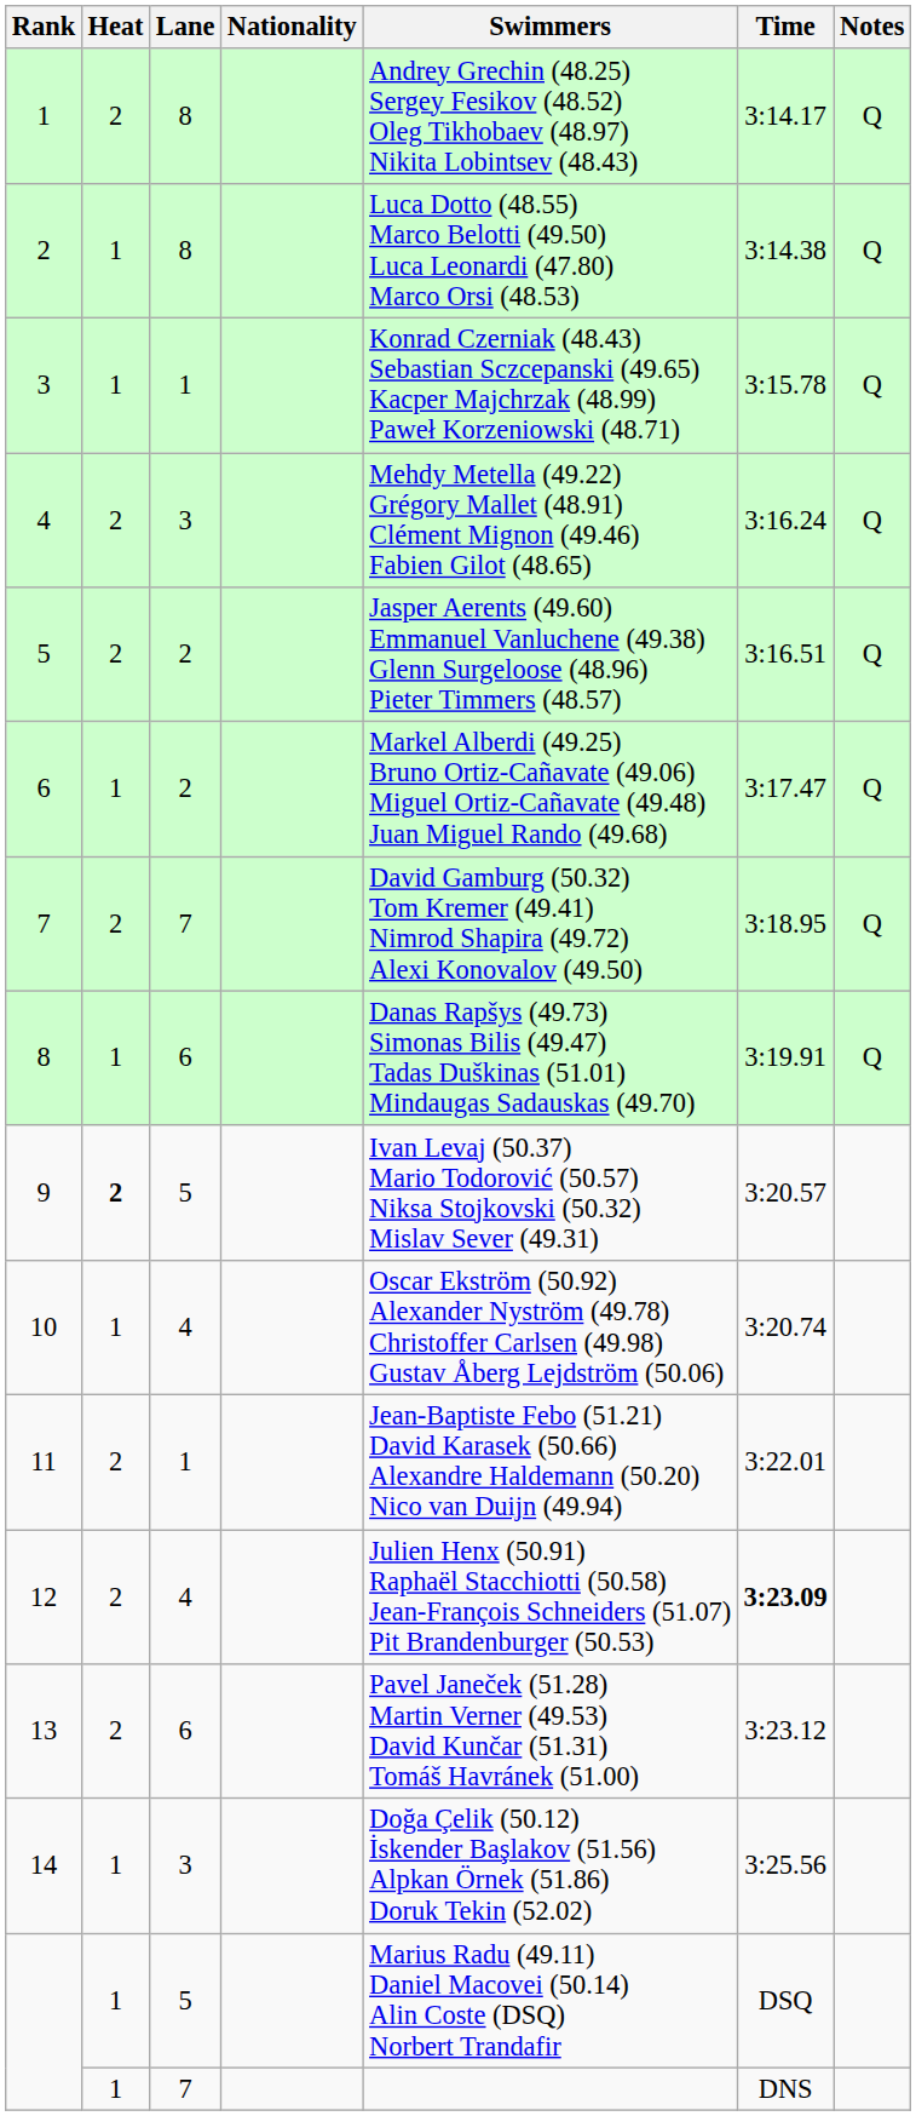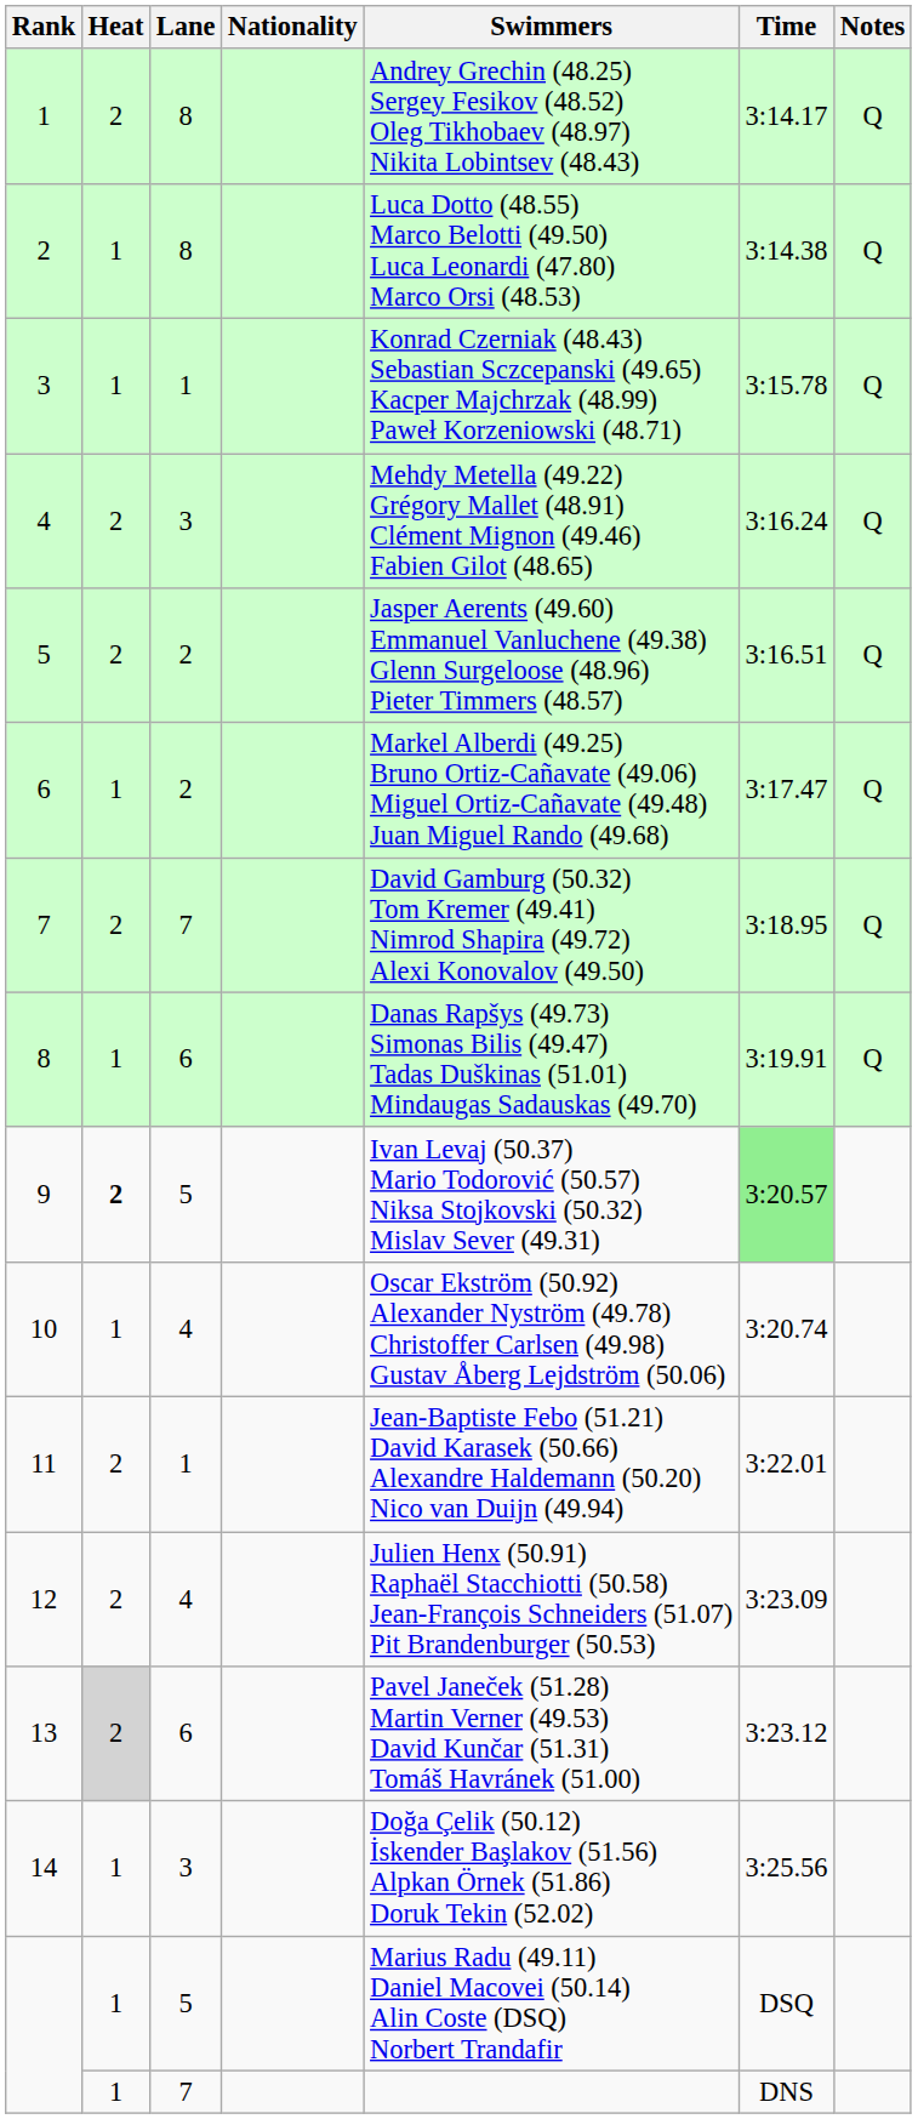 <table class="wikitable sortable" style="text-align:center">
 <tr>
 <th>Rank</th>
 <th>Heat</th>
 <th>Lane</th>
 <th>Nationality</th>
 <th>Swimmers</th>
 <th>Time</th>
 <th>Notes</th>
 </tr>
 <tr bgcolor=ccffcc>
 <td>1</td>
 <td>2</td>
 <td>8</td>
 <td align=left></td>
 <td align=left><a href='#'>Andrey Grechin</a> (48.25)<br><a href='#'>Sergey Fesikov</a> (48.52)<br><a href='#'>Oleg Tikhobaev</a> (48.97)<br><a href='#'>Nikita Lobintsev</a> (48.43)</td>
 <td>3:14.17</td>
 <td>Q</td>
 </tr>
 <tr bgcolor=ccffcc>
 <td>2</td>
 <td>1</td>
 <td>8</td>
 <td align=left></td>
 <td align=left><a href='#'>Luca Dotto</a> (48.55)<br><a href='#'>Marco Belotti</a> (49.50)<br><a href='#'>Luca Leonardi</a> (47.80)<br><a href='#'>Marco Orsi</a> (48.53)</td>
 <td>3:14.38</td>
 <td>Q</td>
 </tr>
 <tr bgcolor=ccffcc>
 <td>3</td>
 <td>1</td>
 <td>1</td>
 <td align=left></td>
 <td align=left><a href='#'>Konrad Czerniak</a> (48.43)<br><a href='#'>Sebastian Sczcepanski</a> (49.65)<br><a href='#'>Kacper Majchrzak</a> (48.99)<br><a href='#'>Paweł Korzeniowski</a> (48.71)</td>
 <td>3:15.78</td>
 <td>Q</td>
 </tr>
 <tr bgcolor=ccffcc>
 <td>4</td>
 <td>2</td>
 <td>3</td>
 <td align=left></td>
 <td align=left><a href='#'>Mehdy Metella</a> (49.22)<br><a href='#'>Grégory Mallet</a> (48.91)<br><a href='#'>Clément Mignon</a> (49.46)<br><a href='#'>Fabien Gilot</a> (48.65)</td>
 <td>3:16.24</td>
 <td>Q</td>
 </tr>
 <tr bgcolor=ccffcc>
 <td>5</td>
 <td>2</td>
 <td>2</td>
 <td align=left></td>
 <td align=left><a href='#'>Jasper Aerents</a> (49.60)<br><a href='#'>Emmanuel Vanluchene</a> (49.38)<br><a href='#'>Glenn Surgeloose</a> (48.96)<br><a href='#'>Pieter Timmers</a> (48.57)</td>
 <td>3:16.51</td>
 <td>Q</td>
 </tr>
 <tr bgcolor=ccffcc>
 <td>6</td>
 <td>1</td>
 <td>2</td>
 <td align=left></td>
 <td align=left><a href='#'>Markel Alberdi</a> (49.25)<br><a href='#'>Bruno Ortiz-Cañavate</a> (49.06)<br><a href='#'>Miguel Ortiz-Cañavate</a> (49.48)<br><a href='#'>Juan Miguel Rando</a> (49.68)</td>
 <td>3:17.47</td>
 <td>Q</td>
 </tr>
 <tr bgcolor=ccffcc>
 <td>7</td>
 <td>2</td>
 <td>7</td>
 <td align=left></td>
 <td align=left><a href='#'>David Gamburg</a> (50.32)<br><a href='#'>Tom Kremer</a> (49.41)<br><a href='#'>Nimrod Shapira</a> (49.72)<br><a href='#'>Alexi Konovalov</a> (49.50)</td>
 <td>3:18.95</td>
 <td>Q</td>
 </tr>
 <tr bgcolor=ccffcc>
 <td>8</td>
 <td>1</td>
 <td>6</td>
 <td align=left></td>
 <td align=left><a href='#'>Danas Rapšys</a> (49.73)<br><a href='#'>Simonas Bilis</a> (49.47)<br><a href='#'>Tadas Duškinas</a> (51.01)<br><a href='#'>Mindaugas Sadauskas</a> (49.70)</td>
 <td>3:19.91</td>
 <td>Q</td>
 </tr>
 <tr>
 <td>9</td>
 <td><strong>2</strong></td>
 <td>5</td>
 <td align=left></td>
 <td align=left><a href='#'>Ivan Levaj</a> (50.37)<br><a href='#'>Mario Todorović</a> (50.57)<br><a href='#'>Niksa Stojkovski</a> (50.32)<br><a href='#'>Mislav Sever</a> (49.31)</td>
-<td>3:20.57</td>
+<td style="background: lightgreen;">3:20.57</td>
 <td></td>
 </tr>
 <tr>
 <td>10</td>
 <td>1</td>
 <td>4</td>
 <td align=left></td>
 <td align=left><a href='#'>Oscar Ekström</a> (50.92)<br><a href='#'>Alexander Nyström</a> (49.78)<br><a href='#'>Christoffer Carlsen</a> (49.98)<br><a href='#'>Gustav Åberg Lejdström</a> (50.06)</td>
 <td>3:20.74</td>
 <td></td>
 </tr>
 <tr>
 <td>11</td>
 <td>2</td>
 <td>1</td>
 <td align=left></td>
 <td align=left><a href='#'>Jean-Baptiste Febo</a> (51.21)<br><a href='#'>David Karasek</a> (50.66)<br><a href='#'>Alexandre Haldemann</a> (50.20)<br><a href='#'>Nico van Duijn</a> (49.94)</td>
 <td>3:22.01</td>
 <td></td>
 </tr>
 <tr>
 <td>12</td>
 <td>2</td>
 <td>4</td>
 <td align=left></td>
 <td align=left><a href='#'>Julien Henx</a> (50.91)<br><a href='#'>Raphaël Stacchiotti</a> (50.58)<br><a href='#'>Jean-François Schneiders</a> (51.07)<br><a href='#'>Pit Brandenburger</a> (50.53)</td>
-<td><strong>3:23.09</strong></td>
+<td>3:23.09</td>
 <td></td>
 </tr>
 <tr>
 <td>13</td>
-<td>2</td>
+<td style="background: lightgrey;">2</td>
 <td>6</td>
 <td align=left></td>
 <td align=left><a href='#'>Pavel Janeček</a> (51.28)<br><a href='#'>Martin Verner</a> (49.53)<br><a href='#'>David Kunčar</a> (51.31)<br><a href='#'>Tomáš Havránek</a> (51.00)</td>
 <td>3:23.12</td>
 <td></td>
 </tr>
 <tr>
 <td>14</td>
 <td>1</td>
 <td>3</td>
 <td align=left></td>
 <td align=left><a href='#'>Doğa Çelik</a> (50.12)<br><a href='#'>İskender Başlakov</a> (51.56)<br><a href='#'>Alpkan Örnek</a> (51.86)<br><a href='#'>Doruk Tekin</a> (52.02)</td>
 <td>3:25.56</td>
 <td></td>
 </tr>
 <tr>
 <td rowspan=2></td>
 <td>1</td>
 <td>5</td>
 <td align=left></td>
 <td align=left><a href='#'>Marius Radu</a> (49.11)<br><a href='#'>Daniel Macovei</a> (50.14)<br><a href='#'>Alin Coste</a> (DSQ)<br><a href='#'>Norbert Trandafir</a></td>
 <td>DSQ</td>
 <td></td>
 </tr>
 <tr>
 <td>1</td>
 <td>7</td>
 <td align=left></td>
 <td></td>
 <td>DNS</td>
 <td></td>
 </tr>
 </table>
